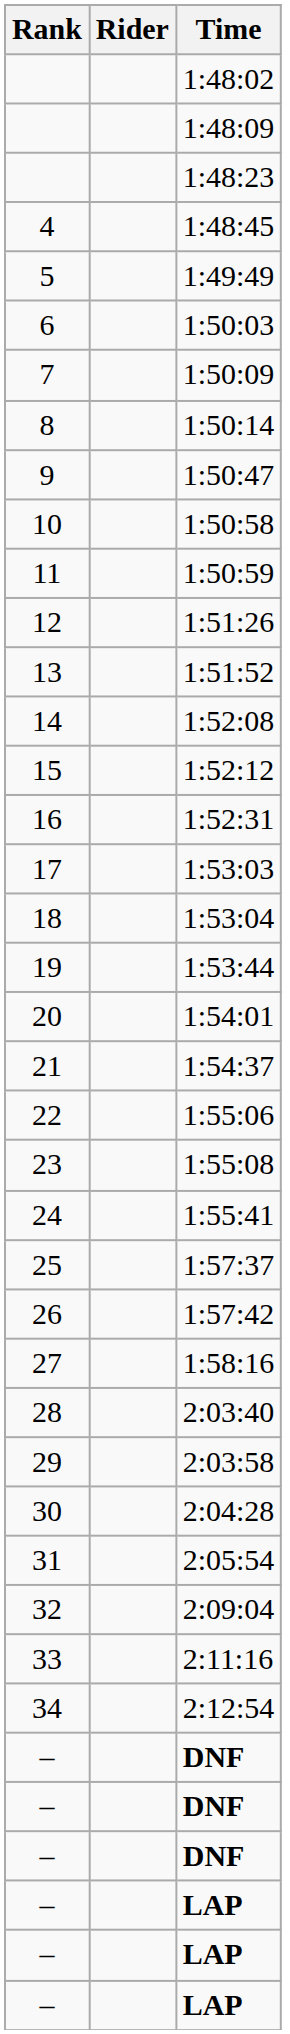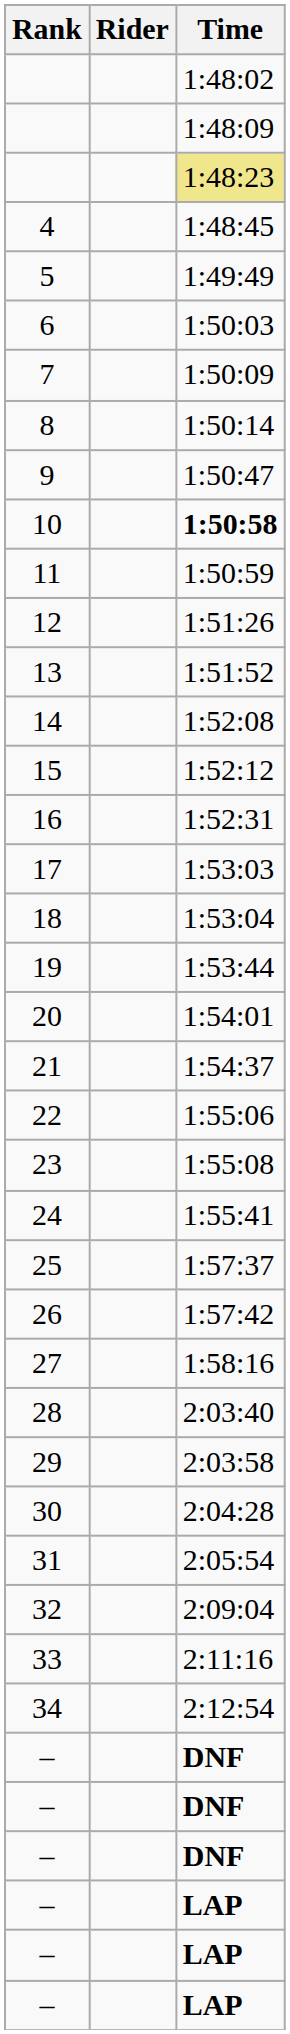 <table class="wikitable" style="font-size:95%" style="width:35em;">
 <tr>
 <th>Rank</th>
 <th>Rider</th>
 <th>Time</th>
 </tr>
 <tr>
 <td align=center></td>
 <td></td>
 <td>1:48:02</td>
 </tr>
 <tr>
 <td align=center></td>
 <td></td>
 <td>1:48:09</td>
 </tr>
 <tr>
 <td align=center></td>
 <td></td>
-<td>1:48:23</td>
+<td style="background: khaki;">1:48:23</td>
 </tr>
 <tr>
 <td align=center>4</td>
 <td></td>
 <td>1:48:45</td>
 </tr>
 <tr>
 <td align=center>5</td>
 <td></td>
 <td>1:49:49</td>
 </tr>
 <tr>
 <td align=center>6</td>
 <td></td>
 <td>1:50:03</td>
 </tr>
 <tr>
 <td align=center>7</td>
 <td></td>
 <td>1:50:09</td>
 </tr>
 <tr>
 <td align=center>8</td>
 <td></td>
 <td>1:50:14</td>
 </tr>
 <tr>
 <td align=center>9</td>
 <td></td>
 <td>1:50:47</td>
 </tr>
 <tr>
 <td align=center>10</td>
 <td></td>
-<td>1:50:58</td>
+<td><strong>1:50:58</strong></td>
 </tr>
 <tr>
 <td align=center>11</td>
 <td></td>
 <td>1:50:59</td>
 </tr>
 <tr>
 <td align=center>12</td>
 <td></td>
 <td>1:51:26</td>
 </tr>
 <tr>
 <td align=center>13</td>
 <td></td>
 <td>1:51:52</td>
 </tr>
 <tr>
 <td align=center>14</td>
 <td></td>
 <td>1:52:08</td>
 </tr>
 <tr>
 <td align=center>15</td>
 <td></td>
 <td>1:52:12</td>
 </tr>
 <tr>
 <td align=center>16</td>
 <td></td>
 <td>1:52:31</td>
 </tr>
 <tr>
 <td align=center>17</td>
 <td></td>
 <td>1:53:03</td>
 </tr>
 <tr>
 <td align=center>18</td>
 <td></td>
 <td>1:53:04</td>
 </tr>
 <tr>
 <td align=center>19</td>
 <td></td>
 <td>1:53:44</td>
 </tr>
 <tr>
 <td align=center>20</td>
 <td></td>
 <td>1:54:01</td>
 </tr>
 <tr>
 <td align=center>21</td>
 <td></td>
 <td>1:54:37</td>
 </tr>
 <tr>
 <td align=center>22</td>
 <td></td>
 <td>1:55:06</td>
 </tr>
 <tr>
 <td align=center>23</td>
 <td></td>
 <td>1:55:08</td>
 </tr>
 <tr>
 <td align=center>24</td>
 <td></td>
 <td>1:55:41</td>
 </tr>
 <tr>
 <td align=center>25</td>
 <td></td>
 <td>1:57:37</td>
 </tr>
 <tr>
 <td align=center>26</td>
 <td></td>
 <td>1:57:42</td>
 </tr>
 <tr>
 <td align=center>27</td>
 <td></td>
 <td>1:58:16</td>
 </tr>
 <tr>
 <td align=center>28</td>
 <td></td>
 <td>2:03:40</td>
 </tr>
 <tr>
 <td align=center>29</td>
 <td></td>
 <td>2:03:58</td>
 </tr>
 <tr>
 <td align=center>30</td>
 <td></td>
 <td>2:04:28</td>
 </tr>
 <tr>
 <td align=center>31</td>
 <td></td>
 <td>2:05:54</td>
 </tr>
 <tr>
 <td align=center>32</td>
 <td></td>
 <td>2:09:04</td>
 </tr>
 <tr>
 <td align=center>33</td>
 <td></td>
 <td>2:11:16</td>
 </tr>
 <tr>
 <td align=center>34</td>
 <td></td>
 <td>2:12:54</td>
 </tr>
 <tr>
 <td align=center>–</td>
 <td></td>
 <td><strong>DNF</strong></td>
 </tr>
 <tr>
 <td align=center>–</td>
 <td></td>
 <td><strong>DNF</strong></td>
 </tr>
 <tr>
 <td align=center>–</td>
 <td></td>
 <td><strong>DNF</strong></td>
 </tr>
 <tr>
 <td align=center>–</td>
 <td></td>
 <td><strong>LAP</strong></td>
 </tr>
 <tr>
 <td align=center>–</td>
 <td></td>
 <td><strong>LAP</strong></td>
 </tr>
 <tr>
 <td align=center>–</td>
 <td></td>
 <td><strong>LAP</strong></td>
 </tr>
 </table>
